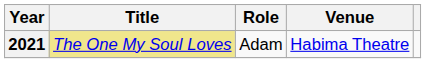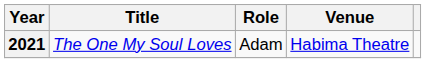 <table class="wikitable plainrowheaders sortable">
 <tr>
 <th scope="col">Year</th>
 <th scope="col">Title</th>
 <th scope="col">Role</th>
 <th scope="col">Venue</th>
 <th scope="col" class="unsortable"></th>
 </tr>
 <tr>
 <th scope="row">2021</th>
-<td style="background: khaki;"><em><a href='#'>The One My Soul Loves</a></em></td>
+<td><em><a href='#'>The One My Soul Loves</a></em></td>
 <td>Adam</td>
 <td><a href='#'>Habima Theatre</a></td>
 <td style="text-align:center;"></td>
 </tr>
 <tr>
 </tr>
 </table>
